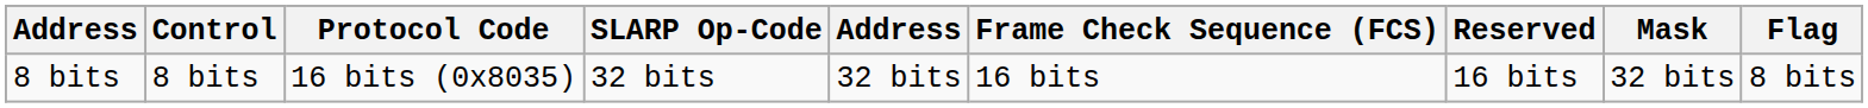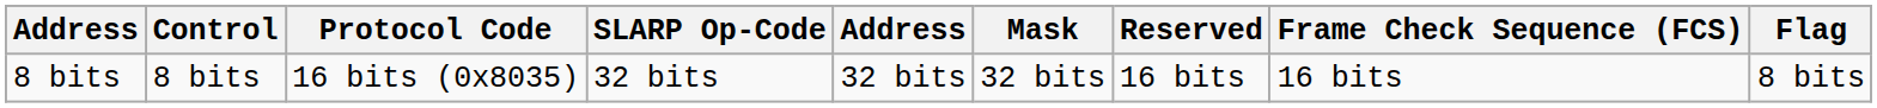 <table class="wikitable">
 <tr>
 <th>Address</th>
 <th>Control</th>
 <th>Protocol Code</th>
 <th>SLARP Op-Code</th>
 <th>Address</th>
+<th>Mask</th>
+<th>Reserved</th>
 <th>Frame Check Sequence (FCS)</th>
-<th>Reserved</th>
-<th>Mask</th>
 <th>Flag</th>
 </tr>
 <tr>
 <td>8 bits</td>
 <td>8 bits</td>
 <td>16 bits (0x8035)</td>
 <td>32 bits</td>
 <td>32 bits</td>
+<td>32 bits</td>
 <td>16 bits</td>
 <td>16 bits</td>
-<td>32 bits</td>
 <td>8 bits</td>
 </tr>
 </table>
